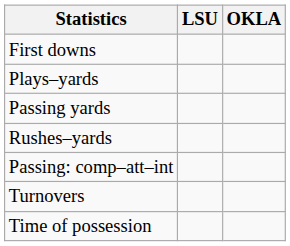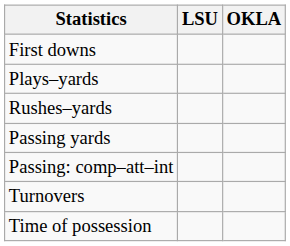 <table class="wikitable" style="float:left">
 <tr>
 <th>Statistics</th>
 <th>LSU</th>
 <th>OKLA</th>
 </tr>
 <tr>
 <td>First downs</td>
 <td></td>
 <td></td>
 </tr>
 <tr>
 <td>Plays–yards</td>
 <td></td>
 <td></td>
 </tr>
 <tr>
-<td>Passing yards</td>
+<td>Rushes–yards</td>
 <td></td>
 <td></td>
 </tr>
 <tr>
-<td>Rushes–yards</td>
+<td>Passing yards</td>
 <td></td>
 <td></td>
 </tr>
 <tr>
 <td>Passing: comp–att–int</td>
 <td></td>
 <td></td>
 </tr>
 <tr>
 <td>Turnovers</td>
 <td></td>
 <td></td>
 </tr>
 <tr>
 <td>Time of possession</td>
 <td></td>
 <td></td>
 </tr>
 </table>
